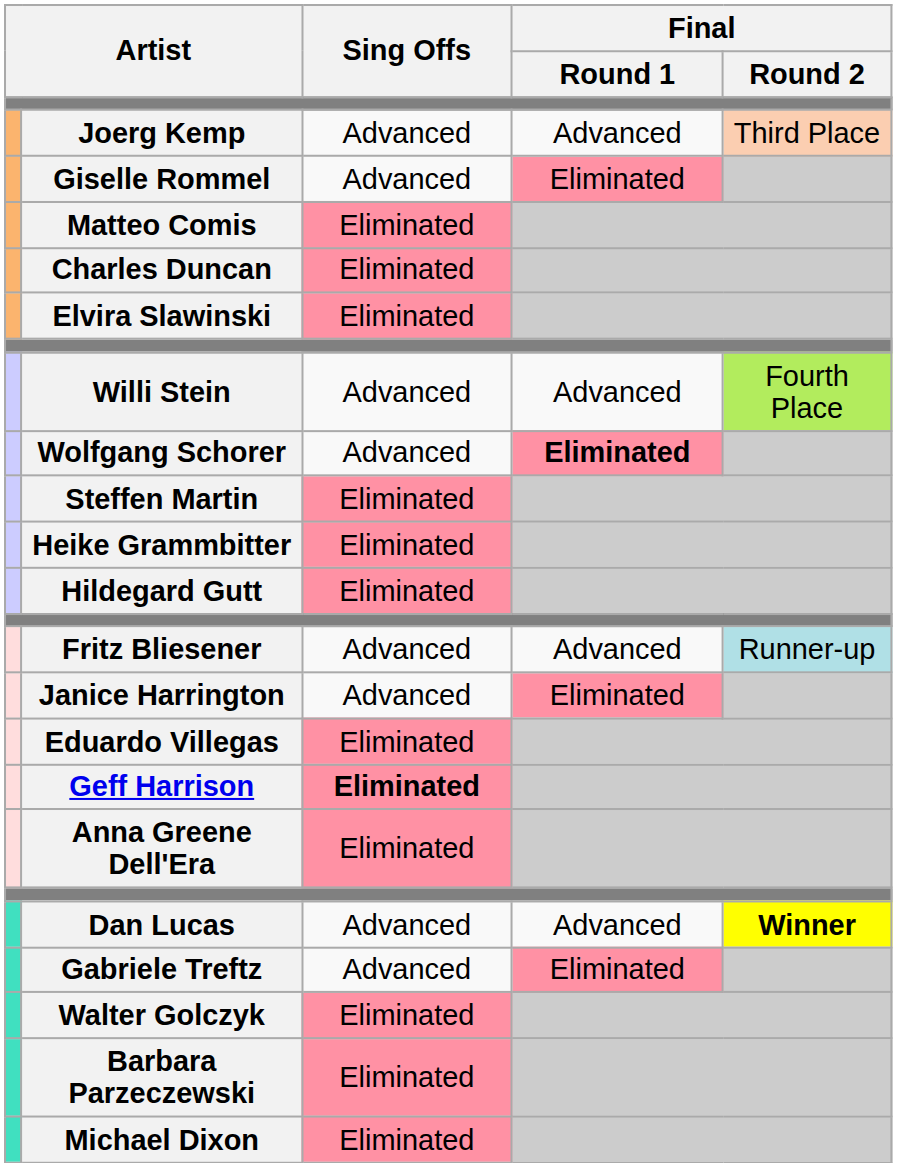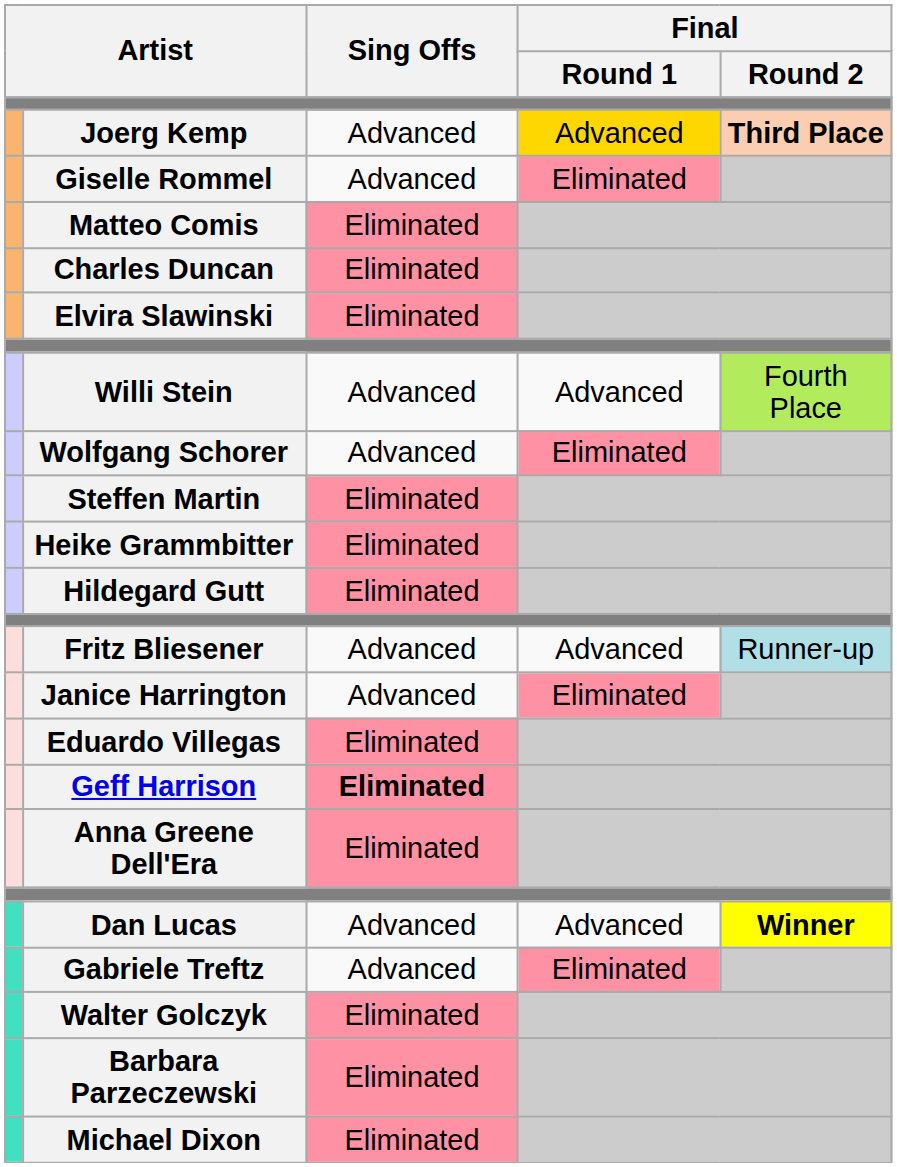 <table class="wikitable" style="font-size:90%; text-align:center" width="50%">
 <tr>
 <th style="width:18%" colspan="2" rowspan="2" scope="col">Artist</th>
 <th style="width:11%" colspan="1" rowspan="2" scope="col">Sing Offs</th>
 <th style="width:22%" colspan="2" scope="col">Final</th>
 </tr>
 <tr>
 <th style="width:11%">Round 1</th>
 <th style="width:11%">Round 2</th>
 </tr>
 <tr>
 <th colspan="7" style="background:grey;"></th>
 </tr>
 <tr>
 <th style="background:#fbb46e;"></th>
 <th>Joerg Kemp</th>
 <td>Advanced</td>
-<td>Advanced</td>
-<td style="background:#FBCEB1;">Third Place</td>
+<td style="background: gold;">Advanced</td>
+<td style="background:#FBCEB1;"><strong>Third Place</strong></td>
 </tr>
 <tr>
 <th style="background:#fbb46e;"></th>
 <th>Giselle Rommel</th>
 <td>Advanced</td>
 <td style="background:#FF91A4;">Eliminated</td>
 <td style="background:#ccc;"></td>
 </tr>
 <tr>
 <th style="background:#fbb46e;"></th>
 <th>Matteo Comis</th>
 <td style="background:#FF91A4;">Eliminated</td>
 <td colspan=2 style="background:#ccc;"></td>
 </tr>
 <tr>
 <th style="background:#fbb46e;"></th>
 <th>Charles Duncan</th>
 <td style="background:#FF91A4;">Eliminated</td>
 <td colspan=2 style="background:#ccc;"></td>
 </tr>
 <tr>
 <th style="background:#fbb46e;"></th>
 <th>Elvira Slawinski</th>
 <td style="background:#FF91A4;">Eliminated</td>
 <td colspan=2 style="background:#ccc;"></td>
 </tr>
 <tr>
 <th colspan="7" style="background:grey;"></th>
 </tr>
 <tr>
 <th style="background:#ccf;"></th>
 <th>Willi Stein</th>
 <td>Advanced</td>
 <td>Advanced</td>
 <td style="background:#B2EC5D;">Fourth Place</td>
 </tr>
 <tr>
 <th style="background:#ccf;"></th>
 <th>Wolfgang Schorer</th>
 <td>Advanced</td>
-<td style="background:#FF91A4;"><strong>Eliminated</strong></td>
+<td style="background:#FF91A4;">Eliminated</td>
 <td style="background:#ccc;"></td>
 </tr>
 <tr>
 <th style="background:#ccf;"></th>
 <th>Steffen Martin</th>
 <td style="background:#FF91A4;">Eliminated</td>
 <td colspan=2 style="background:#ccc;"></td>
 </tr>
 <tr>
 <th style="background:#ccf;"></th>
 <th>Heike Grammbitter</th>
 <td style="background:#FF91A4;">Eliminated</td>
 <td colspan=2 style="background:#ccc;"></td>
 </tr>
 <tr>
 <th style="background:#ccf;"></th>
 <th>Hildegard Gutt</th>
 <td style="background:#FF91A4;">Eliminated</td>
 <td colspan=2 style="background:#ccc;"></td>
 </tr>
 <tr>
 <th colspan="7" style="background:grey;"></th>
 </tr>
 <tr>
 <th style="background:#ffdddd;"></th>
 <th>Fritz Bliesener</th>
 <td>Advanced</td>
 <td>Advanced</td>
 <td style="background:#B0E0E6;">Runner-up</td>
 </tr>
 <tr>
 <th style="background:#ffdddd;"></th>
 <th>Janice Harrington</th>
 <td>Advanced</td>
 <td style="background:#FF91A4;">Eliminated</td>
 <td style="background:#ccc;"></td>
 </tr>
 <tr>
 <th style="background:#ffdddd;"></th>
 <th>Eduardo Villegas</th>
 <td style="background:#FF91A4;">Eliminated</td>
 <td colspan=2 style="background:#ccc;"></td>
 </tr>
 <tr>
 <th style="background:#ffdddd;"></th>
 <th><a href='#'>Geff Harrison</a></th>
 <td style="background:#FF91A4;"><strong>Eliminated</strong></td>
 <td colspan=2 style="background:#ccc;"></td>
 </tr>
 <tr>
 <th style="background:#ffdddd;"></th>
 <th>Anna Greene Dell'Era</th>
 <td style="background:#FF91A4;">Eliminated</td>
 <td colspan=2 style="background:#ccc;"></td>
 </tr>
 <tr>
 <th colspan="7" style="background:grey;"></th>
 </tr>
 <tr>
 <th style="background:#40e0c0"></th>
 <th>Dan Lucas</th>
 <td>Advanced</td>
 <td>Advanced</td>
 <td style="background:yellow;"><strong>Winner</strong></td>
 </tr>
 <tr>
 <th style="background:#40e0c0"></th>
 <th>Gabriele Treftz</th>
 <td>Advanced</td>
 <td style="background:#FF91A4;">Eliminated</td>
 <td style="background:#ccc;"></td>
 </tr>
 <tr>
 <th style="background:#40e0c0"></th>
 <th>Walter Golczyk</th>
 <td style="background:#FF91A4;">Eliminated</td>
 <td colspan=2 style="background:#ccc;"></td>
 </tr>
 <tr>
 <th style="background:#40e0c0"></th>
 <th>Barbara Parzeczewski</th>
 <td style="background:#FF91A4;">Eliminated</td>
 <td colspan=2 style="background:#ccc;"></td>
 </tr>
 <tr>
 <th style="background:#40e0c0"></th>
 <th>Michael Dixon</th>
 <td style="background:#FF91A4;">Eliminated</td>
 <td colspan=2 style="background:#ccc;"></td>
 </tr>
 </table>
